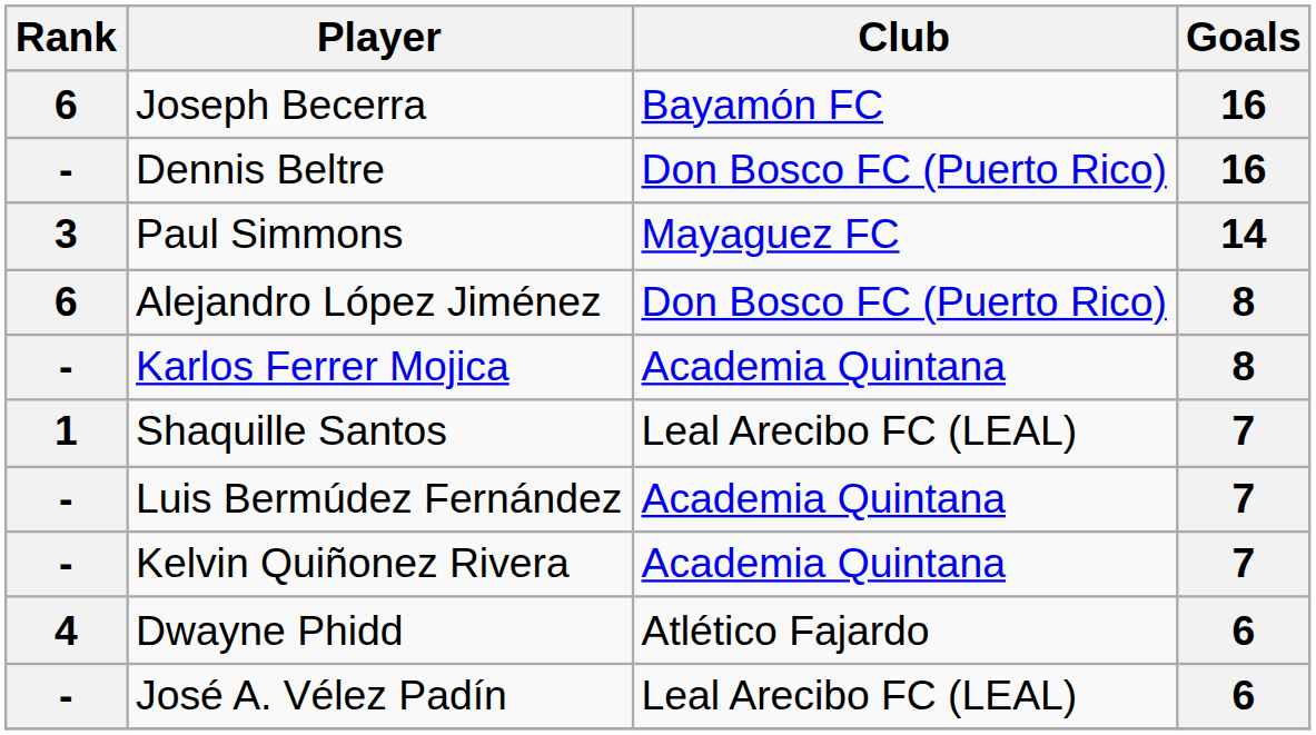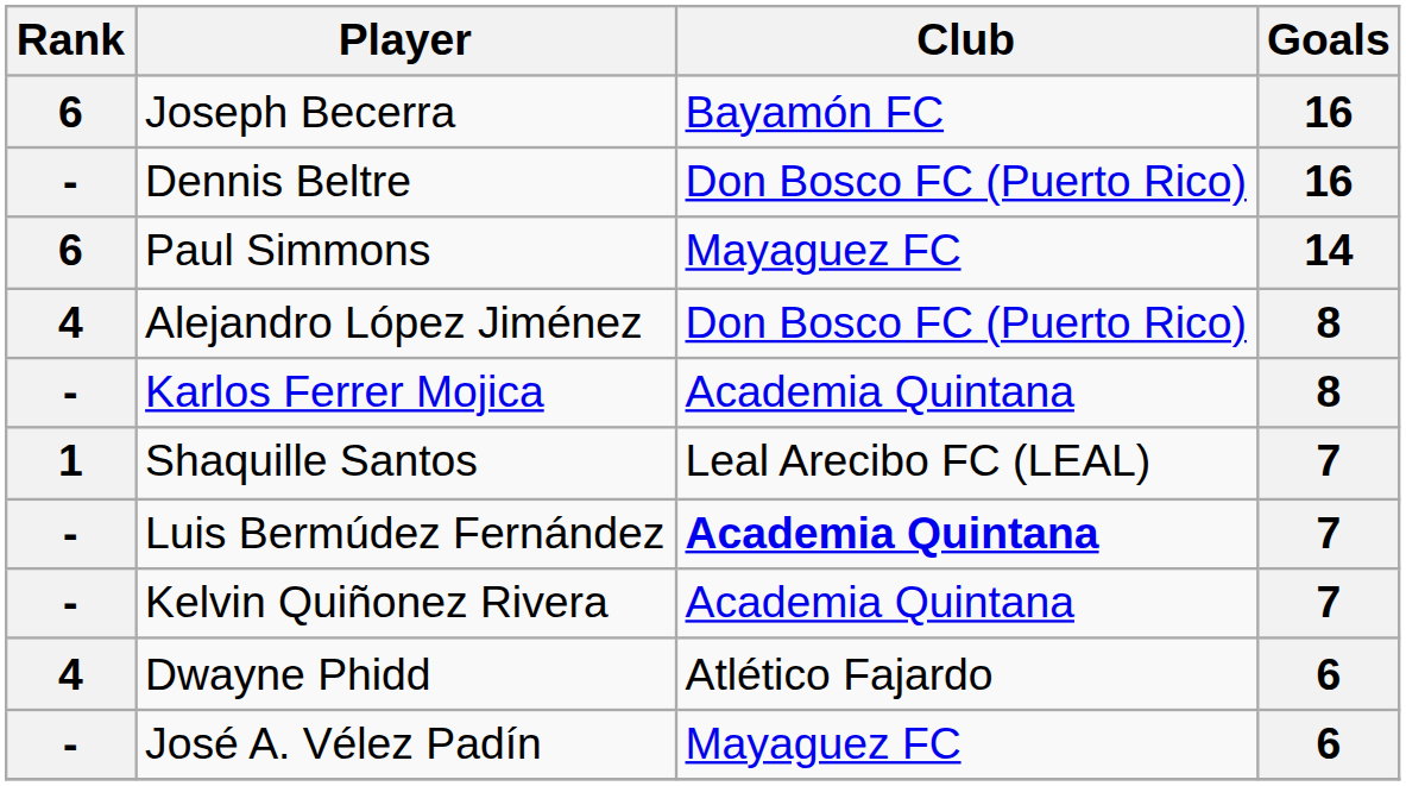 <table class="wikitable" style="text-align:center">
 <tr>
 <th>Rank</th>
 <th>Player</th>
 <th>Club</th>
 <th>Goals</th>
 </tr>
 <tr>
 <th rowspan="1">6</th>
 <td align="left"> Joseph Becerra</td>
 <td align="left"><a href='#'>Bayamón FC</a></td>
 <th rowspan="1">16</th>
 </tr>
 <tr>
 <th rowspan="1">-</th>
 <td align="left"> Dennis Beltre</td>
 <td align="left"><a href='#'>Don Bosco FC (Puerto Rico)</a></td>
 <th rowspan="1">16</th>
 </tr>
 <tr>
-<th rowspan="1">3</th>
+<th rowspan="1">6</th>
 <td align="left"> Paul Simmons</td>
 <td align="left"><a href='#'>Mayaguez FC</a></td>
 <th rowspan="1">14</th>
 </tr>
 <tr>
-<th rowspan="1">6</th>
+<th rowspan="1">4</th>
 <td align="left"> Alejandro López Jiménez</td>
 <td align="left"><a href='#'>Don Bosco FC (Puerto Rico)</a></td>
 <th rowspan="1">8</th>
 </tr>
 <tr>
 <th rowspan="1">-</th>
 <td align="left"> <a href='#'>Karlos Ferrer Mojica</a></td>
 <td align="left"><a href='#'>Academia Quintana</a></td>
 <th rowspan="1">8</th>
 </tr>
 <tr>
 <th rowspan="1">1</th>
 <td align="left"> Shaquille Santos</td>
 <td align="left">Leal Arecibo FC (LEAL)</td>
 <th rowspan="1">7</th>
 </tr>
 <tr>
 <th rowspan="1">-</th>
 <td align="left"> Luis Bermúdez Fernández</td>
-<td align="left"><a href='#'>Academia Quintana</a></td>
+<td align="left"><strong><a href='#'>Academia Quintana</a></strong></td>
 <th rowspan="1'">7</th>
 </tr>
 <tr>
 <th rowspan="1">-</th>
 <td align="left"> Kelvin Quiñonez Rivera</td>
 <td align="left"><a href='#'>Academia Quintana</a></td>
 <th rowspan="1">7</th>
 </tr>
 <tr>
 <th rowspan="1">4</th>
 <td align="left"> Dwayne Phidd</td>
 <td align="left">Atlético Fajardo</td>
 <th rowspan="1">6</th>
 </tr>
 <tr>
 <th rowspan="1">-</th>
 <td align="left"> José A. Vélez Padín</td>
-<td align="left">Leal Arecibo FC (LEAL)</td>
+<td align="left"><a href='#'>Mayaguez FC</a></td>
 <th rowspan="1">6</th>
 </tr>
 <tr>
 </tr>
 </table>
